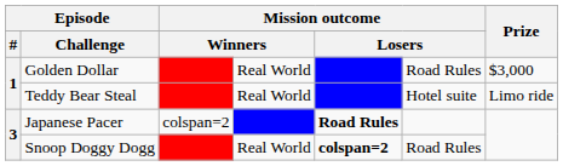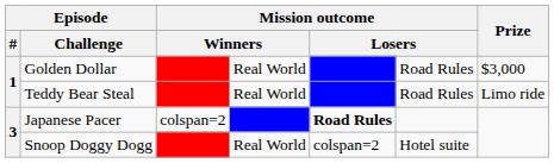 <table class="wikitable">
 <tr>
 <th colspan=2>Episode</th>
 <th colspan=4>Mission outcome</th>
 <th rowspan=2>Prize</th>
 </tr>
 <tr>
 <th>#</th>
 <th>Challenge</th>
 <th colspan=2>Winners</th>
 <th colspan=2>Losers</th>
 </tr>
 <tr>
 <th rowspan=2>1</th>
 <td>Golden Dollar</td>
 <td bgcolor="red"></td>
 <td>Real World</td>
 <td bgcolor="blue"></td>
 <td>Road Rules</td>
 <td>$3,000</td>
 </tr>
 <tr>
 <td>Teddy Bear Steal</td>
 <td bgcolor="red"></td>
 <td>Real World</td>
 <td bgcolor="blue"></td>
-<td>Hotel suite</td>
+<td>Road Rules</td>
 <td>Limo ride</td>
 </tr>
 <tr>
 <th rowspan=2>3</th>
 <td>Japanese Pacer</td>
 <td>colspan=2 </td>
 <td bgcolor="blue"></td>
 <td><strong>Road Rules</strong></td>
 <td></td>
 </tr>
 <tr>
 <td>Snoop Doggy Dogg</td>
 <td bgcolor="red"></td>
 <td>Real World</td>
-<td><strong>colspan=2 </strong></td>
-<td>Road Rules</td>
+<td>colspan=2 </td>
+<td>Hotel suite</td>
 </tr>
 </table>
